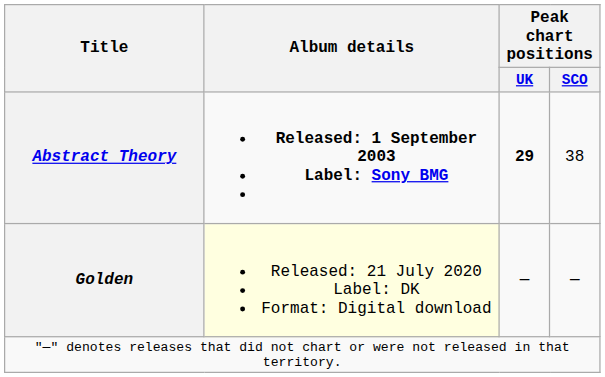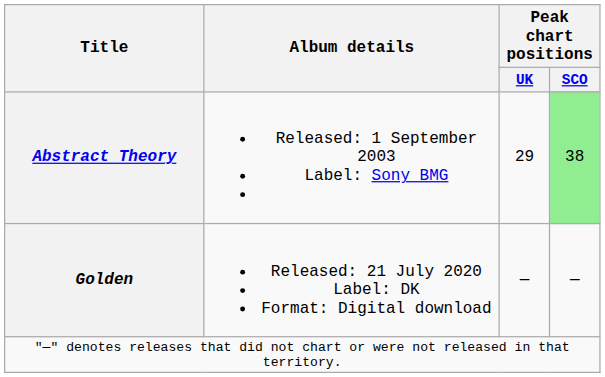 <table class="wikitable plainrowheaders" style="text-align:center;">
 <tr>
 <th scope="col" rowspan="2" style="width:12em;">Title</th>
 <th scope="col" rowspan="2" style="width:18em;">Album details</th>
 <th scope="col" colspan="2">Peak chart positions</th>
 </tr>
 <tr>
 <th style="width:3em;font-size:90%"><a href='#'>UK</a><br></th>
 <th scope="col" style="width:3em;font-size:90%;"><a href='#'>SCO</a><br></th>
 </tr>
 <tr>
 <th scope="row"><em><a href='#'>Abstract Theory</a></em></th>
-<td><strong><br><ul><li>Released: 1 September 2003</li><li>Label: <a href='#'>Sony BMG</a></li><li></li></ul></strong></td>
-<td><strong>29</strong></td>
-<td>38</td>
+<td><br><ul><li>Released: 1 September 2003</li><li>Label: <a href='#'>Sony BMG</a></li><li></li></ul></td>
+<td>29</td>
+<td style="background: lightgreen;">38</td>
 </tr>
 <tr>
 <th scope="row"><em>Golden</em></th>
-<td style="background: lightyellow;"><br><ul><li>Released: 21 July 2020</li><li>Label: DK</li><li>Format: Digital download</li></ul></td>
+<td><br><ul><li>Released: 21 July 2020</li><li>Label: DK</li><li>Format: Digital download</li></ul></td>
 <td>—</td>
 <td>—</td>
 </tr>
 <tr>
 <td colspan="15" style="text-align:center; font-size:8pt;">"—" denotes releases that did not chart or were not released in that territory.</td>
 </tr>
 </table>
